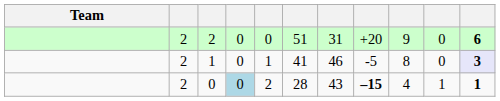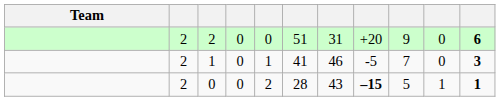 <table class="wikitable" style="text-align:center;">
 <tr>
 <th style="width:11.0em;">Team</th>
 <th style="width:1.5em;"></th>
 <th style="width:1.5em;"></th>
 <th style="width:1.5em;"></th>
 <th style="width:1.5em;"></th>
 <th style="width:2.0em;"></th>
 <th style="width:2.0em;"></th>
 <th style="width:2.0em;"></th>
 <th style="width:2.0em;"></th>
 <th style="width:2.0em;"></th>
 <th style="width:2.0em;"></th>
 </tr>
 <tr bgcolor=#cfc>
 <td align="left"></td>
 <td>2</td>
 <td>2</td>
 <td>0</td>
 <td>0</td>
 <td>51</td>
 <td>31</td>
 <td>+20</td>
 <td>9</td>
 <td>0</td>
 <td><strong>6</strong></td>
 </tr>
 <tr>
 <td align="left"></td>
 <td>2</td>
 <td>1</td>
 <td>0</td>
 <td>1</td>
 <td>41</td>
 <td>46</td>
 <td>-5</td>
-<td>8</td>
+<td>7</td>
 <td>0</td>
-<td style="background: lavender;"><strong>3</strong></td>
+<td><strong>3</strong></td>
 </tr>
 <tr>
 <td align="left"></td>
 <td>2</td>
 <td>0</td>
-<td style="background: lightblue;">0</td>
+<td>0</td>
 <td>2</td>
 <td>28</td>
 <td>43</td>
 <td><strong>–15</strong></td>
-<td>4</td>
+<td>5</td>
 <td>1</td>
 <td><strong>1</strong></td>
 </tr>
 </table>
